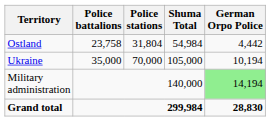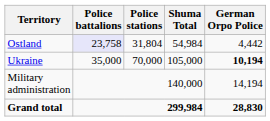 <table align=right class=wikitable>
 <tr>
 <th>Territory</th>
 <th>Police<br>battalions</th>
 <th>Police<br>stations</th>
 <th>Shuma<br>Total</th>
 <th>German<br>Orpo Police</th>
 </tr>
 <tr>
 <td><a href='#'>Ostland</a></td>
-<td align=right>23,758</td>
+<td align=right style="background: lavender;">23,758</td>
 <td align=right>31,804</td>
 <td align=right>54,984</td>
 <td align=right>4,442</td>
 </tr>
 <tr>
 <td><a href='#'>Ukraine</a></td>
 <td align=right>35,000</td>
 <td align=right>70,000</td>
 <td align=right>105,000</td>
-<td align=right>10,194</td>
+<td align=right><strong>10,194</strong></td>
 </tr>
 <tr>
 <td>Military<br>administration</td>
 <td colspan=3 align=right>140,000</td>
-<td align=right style="background: lightgreen;">14,194</td>
+<td align=right>14,194</td>
 </tr>
 <tr>
 <td><strong>Grand total</strong></td>
 <td colspan=3 align=right><strong>299,984</strong></td>
 <td align=right><strong>28,830</strong></td>
 </tr>
 </table>
